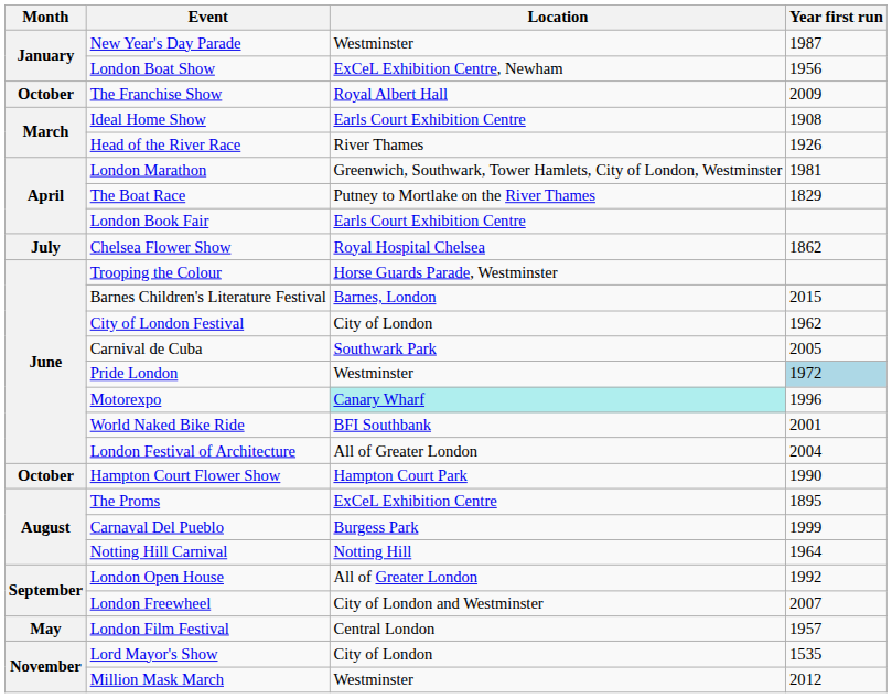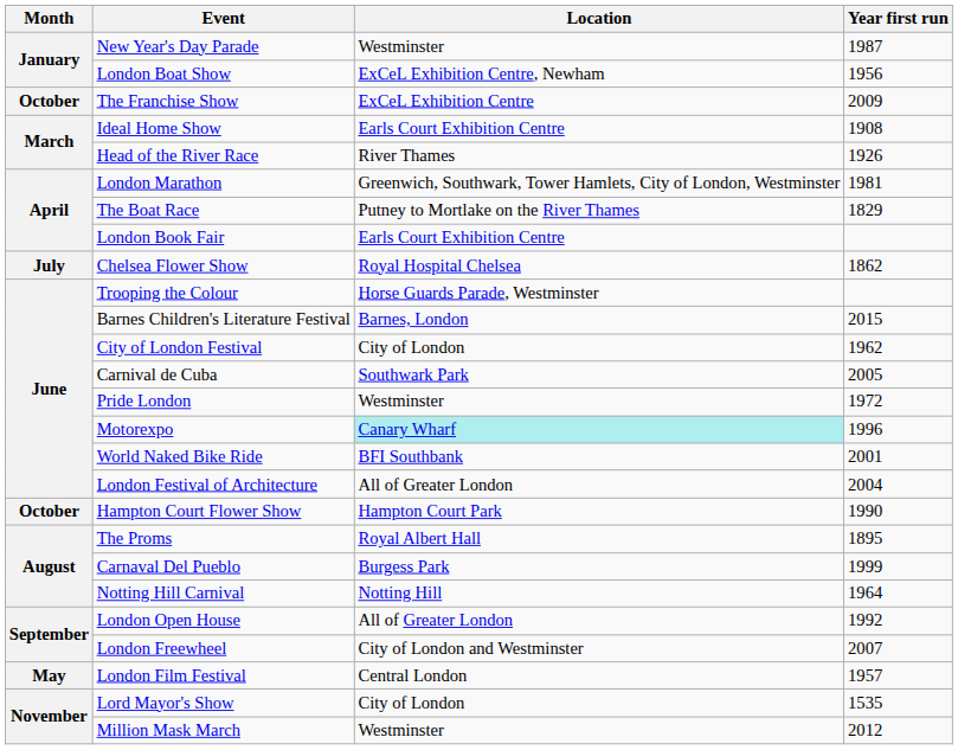 <table class="wikitable">
 <tr>
 <th>Month</th>
 <th>Event</th>
 <th>Location</th>
 <th>Year first run</th>
 </tr>
 <tr>
 <th rowspan="2">January</th>
 <td><a href='#'>New Year's Day Parade</a></td>
 <td>Westminster</td>
 <td>1987</td>
 </tr>
 <tr>
 <td><a href='#'>London Boat Show</a></td>
 <td><a href='#'>ExCeL Exhibition Centre</a>, Newham</td>
 <td>1956</td>
 </tr>
 <tr>
 <th>October</th>
 <td><a href='#'>The Franchise Show</a></td>
-<td><a href='#'>Royal Albert Hall</a></td>
+<td><a href='#'>ExCeL Exhibition Centre</a></td>
 <td>2009</td>
 </tr>
 <tr>
 <th rowspan="2">March</th>
 <td><a href='#'>Ideal Home Show</a></td>
 <td><a href='#'>Earls Court Exhibition Centre</a></td>
 <td>1908</td>
 </tr>
 <tr>
 <td><a href='#'>Head of the River Race</a></td>
 <td>River Thames</td>
 <td>1926</td>
 </tr>
 <tr>
 <th rowspan=3>April</th>
 <td><a href='#'>London Marathon</a></td>
 <td>Greenwich, Southwark, Tower Hamlets, City of London, Westminster</td>
 <td>1981</td>
 </tr>
 <tr>
 <td><a href='#'>The Boat Race</a></td>
 <td>Putney to Mortlake on the <a href='#'>River Thames</a></td>
 <td>1829</td>
 </tr>
 <tr>
 <td><a href='#'>London Book Fair</a></td>
 <td><a href='#'>Earls Court Exhibition Centre</a></td>
 <td></td>
 </tr>
 <tr>
 <th>July</th>
 <td><a href='#'>Chelsea Flower Show</a></td>
 <td><a href='#'>Royal Hospital Chelsea</a></td>
 <td>1862</td>
 </tr>
 <tr>
 <th rowspan="8”">June</th>
 <td><a href='#'>Trooping the Colour</a></td>
 <td><a href='#'>Horse Guards Parade</a>, Westminster</td>
 <td></td>
 </tr>
 <tr>
 <td>Barnes Children's Literature Festival</td>
 <td><a href='#'>Barnes, London</a></td>
 <td>2015</td>
 </tr>
 <tr>
 <td><a href='#'>City of London Festival</a></td>
 <td>City of London</td>
 <td>1962</td>
 </tr>
 <tr>
 <td>Carnival de Cuba</td>
 <td><a href='#'>Southwark Park</a></td>
 <td>2005</td>
 </tr>
 <tr>
 <td><a href='#'>Pride London</a></td>
 <td>Westminster</td>
-<td style="background: lightblue;">1972</td>
+<td>1972</td>
 </tr>
 <tr>
 <td><a href='#'>Motorexpo</a></td>
 <td style="background: paleturquoise;"><a href='#'>Canary Wharf</a></td>
 <td>1996</td>
 </tr>
 <tr>
 <td><a href='#'>World Naked Bike Ride</a></td>
 <td><a href='#'>BFI Southbank</a></td>
 <td>2001</td>
 </tr>
 <tr>
 <td><a href='#'>London Festival of Architecture</a></td>
 <td>All of Greater London</td>
 <td>2004</td>
 </tr>
 <tr>
 <th>October</th>
 <td><a href='#'>Hampton Court Flower Show</a></td>
 <td><a href='#'>Hampton Court Park</a></td>
 <td>1990</td>
 </tr>
 <tr>
 <th rowspan="3">August</th>
 <td><a href='#'>The Proms</a></td>
-<td><a href='#'>ExCeL Exhibition Centre</a></td>
+<td><a href='#'>Royal Albert Hall</a></td>
 <td>1895</td>
 </tr>
 <tr>
 <td><a href='#'>Carnaval Del Pueblo</a></td>
 <td><a href='#'>Burgess Park</a></td>
 <td>1999</td>
 </tr>
 <tr>
 <td><a href='#'>Notting Hill Carnival</a></td>
 <td><a href='#'>Notting Hill</a></td>
 <td>1964</td>
 </tr>
 <tr>
 <th rowspan="2">September</th>
 <td><a href='#'>London Open House</a></td>
 <td>All of <a href='#'>Greater London</a></td>
 <td>1992</td>
 </tr>
 <tr>
 <td><a href='#'>London Freewheel</a></td>
 <td>City of London and Westminster</td>
 <td>2007</td>
 </tr>
 <tr>
 <th>May</th>
 <td><a href='#'>London Film Festival</a></td>
 <td>Central London</td>
 <td>1957</td>
 </tr>
 <tr>
 <th rowspan="2">November</th>
 <td><a href='#'>Lord Mayor's Show</a></td>
 <td>City of London</td>
 <td>1535</td>
 </tr>
 <tr>
 <td><a href='#'>Million Mask March</a></td>
 <td>Westminster</td>
 <td>2012</td>
 </tr>
 </table>
